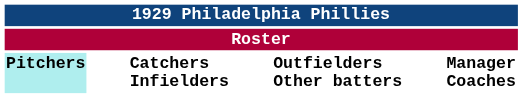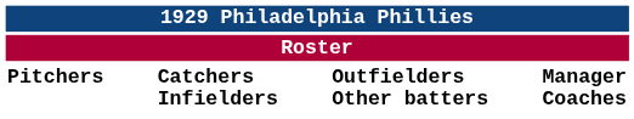 <table class="toccolours" style="font-size: 95%;">
 <tr>
 <th colspan="10" style="background-color: #0f437c; color: white; text-align: center;">1929 Philadelphia Phillies</th>
 </tr>
 <tr>
 <td colspan="10" style="background-color: #af0039; color: white; text-align: center;"><strong>Roster</strong></td>
 </tr>
 <tr>
-<td valign="top" style="background: paleturquoise;"><strong>Pitchers</strong><br>              </td>
+<td valign="top"><strong>Pitchers</strong><br>              </td>
 <td width="25px"></td>
 <td valign="top"><strong>Catchers</strong><br>   <strong>Infielders</strong>      </td>
 <td width="25px"></td>
 <td valign="top"><strong>Outfielders</strong><br>      <strong>Other batters</strong> </td>
 <td width="25px"></td>
 <td valign="top"><strong>Manager</strong><br> <strong>Coaches</strong> </td>
 </tr>
 </table>
